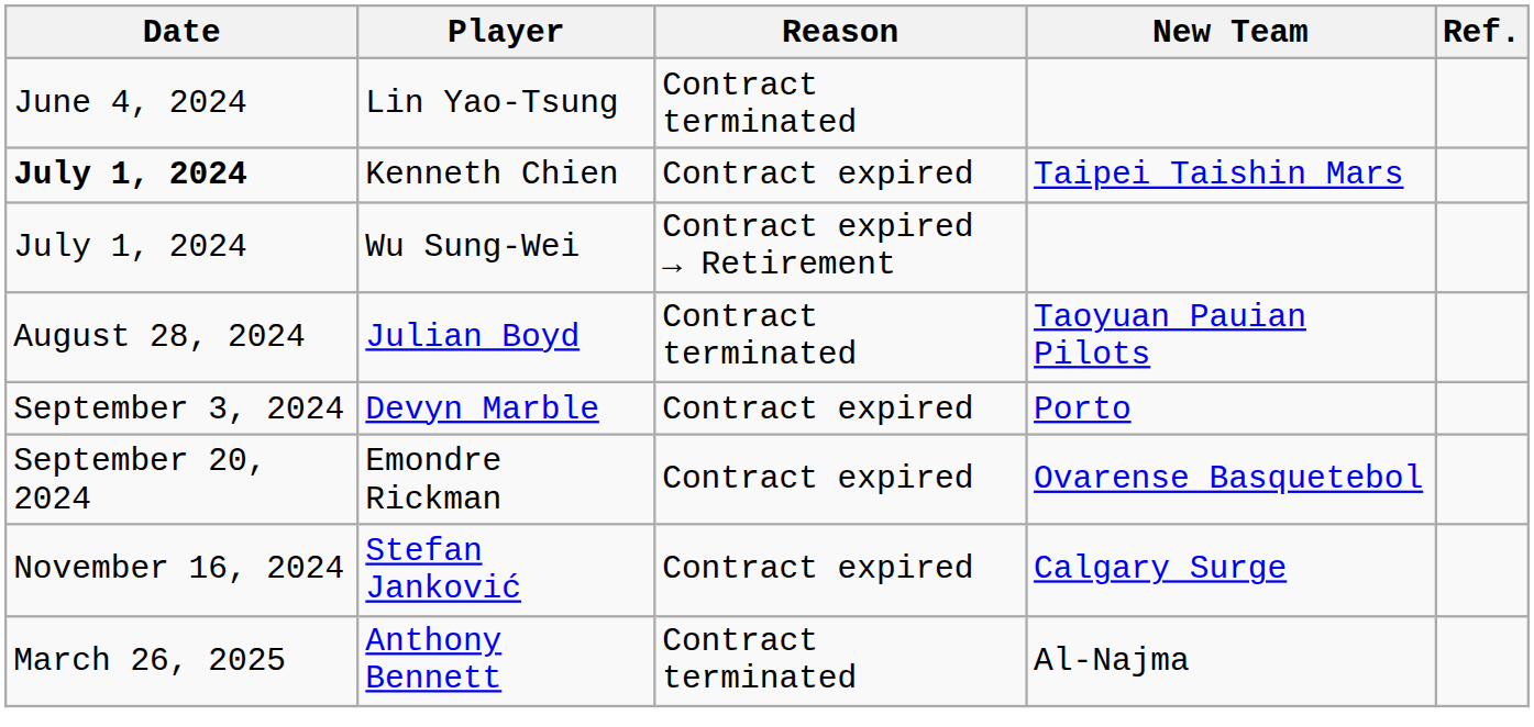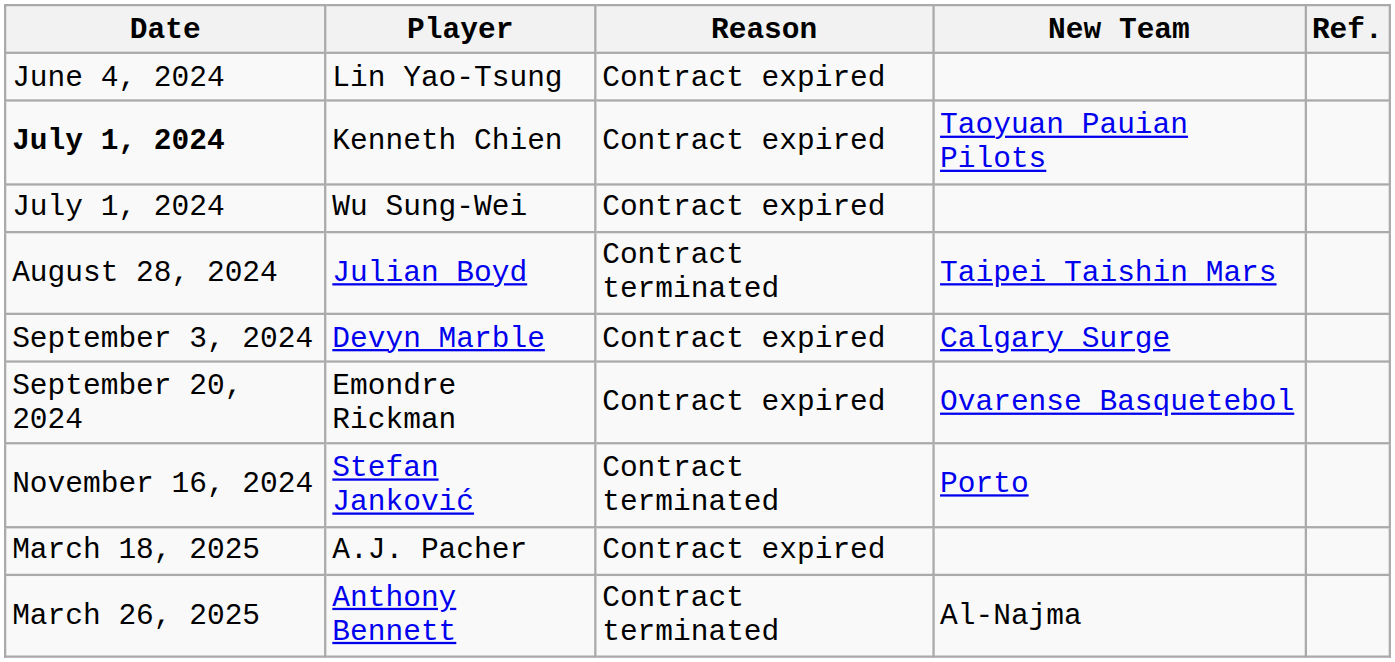 <table class="wikitable">
 <tr>
 <th>Date</th>
 <th>Player</th>
 <th>Reason</th>
 <th>New Team</th>
 <th>Ref.</th>
 </tr>
 <tr>
 <td>June 4, 2024</td>
 <td>Lin Yao-Tsung</td>
-<td>Contract terminated</td>
+<td>Contract expired</td>
 <td></td>
 <td></td>
 </tr>
 <tr>
 <td><strong>July 1, 2024</strong></td>
 <td>Kenneth Chien</td>
 <td>Contract expired</td>
-<td> <a href='#'>Taipei Taishin Mars</a></td>
+<td> <a href='#'>Taoyuan Pauian Pilots</a></td>
 <td></td>
 </tr>
 <tr>
 <td>July 1, 2024</td>
 <td>Wu Sung-Wei</td>
-<td>Contract expired<br>→ Retirement</td>
+<td>Contract expired</td>
 <td></td>
 <td></td>
 </tr>
 <tr>
 <td>August 28, 2024</td>
 <td><a href='#'>Julian Boyd</a></td>
 <td>Contract terminated</td>
-<td> <a href='#'>Taoyuan Pauian Pilots</a></td>
+<td> <a href='#'>Taipei Taishin Mars</a></td>
 <td></td>
 </tr>
 <tr>
 <td>September 3, 2024</td>
 <td><a href='#'>Devyn Marble</a></td>
 <td>Contract expired</td>
-<td> <a href='#'>Porto</a></td>
+<td> <a href='#'>Calgary Surge</a></td>
 <td></td>
 </tr>
 <tr>
 <td>September 20, 2024</td>
 <td>Emondre Rickman</td>
 <td>Contract expired</td>
 <td> <a href='#'>Ovarense Basquetebol</a></td>
 <td></td>
 </tr>
 <tr>
 <td>November 16, 2024</td>
 <td><a href='#'>Stefan Janković</a></td>
+<td>Contract terminated</td>
+<td> <a href='#'>Porto</a></td>
+<td></td>
+</tr>
+<tr>
+<td>March 18, 2025</td>
+<td>A.J. Pacher</td>
 <td>Contract expired</td>
-<td> <a href='#'>Calgary Surge</a></td>
+<td></td>
 <td></td>
 </tr>
 <tr>
 <td>March 26, 2025</td>
 <td><a href='#'>Anthony Bennett</a></td>
 <td>Contract terminated</td>
 <td> Al-Najma</td>
 <td></td>
 </tr>
 </table>
